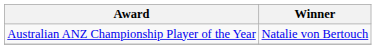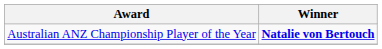 <table class="wikitable collapsible">
 <tr>
 <th>Award</th>
 <th>Winner</th>
 </tr>
 <tr>
 <td><a href='#'>Australian ANZ Championship Player of the Year</a></td>
-<td><a href='#'>Natalie von Bertouch</a></td>
+<td><strong><a href='#'>Natalie von Bertouch</a></strong></td>
 </tr>
 <tr>
 </tr>
 </table>
